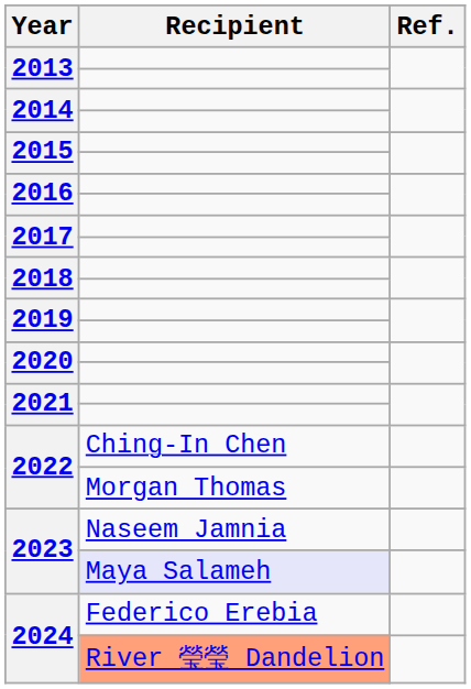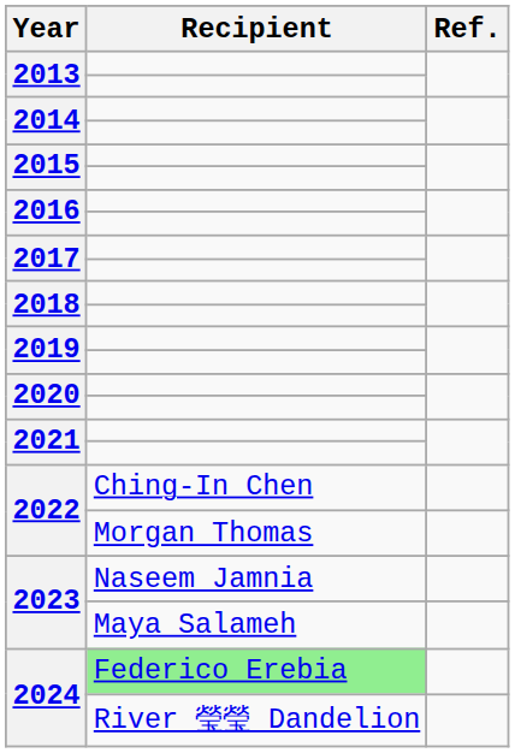 <table class="wikitable sortable">
 <tr>
 <th>Year</th>
 <th>Recipient</th>
 <th>Ref.</th>
 </tr>
 <tr>
 <th rowspan="2"><a href='#'>2013</a></th>
 <td></td>
 <td rowspan="2"></td>
 </tr>
 <tr>
 <td></td>
 </tr>
 <tr>
 <th rowspan="2"><a href='#'>2014</a></th>
 <td></td>
 <td rowspan="2"></td>
 </tr>
 <tr>
 <td></td>
 </tr>
 <tr>
 <th rowspan="2"><a href='#'>2015</a></th>
 <td></td>
 <td rowspan="2"></td>
 </tr>
 <tr>
 <td></td>
 </tr>
 <tr>
 <th rowspan="2"><a href='#'>2016</a></th>
 <td></td>
 <td rowspan="2"></td>
 </tr>
 <tr>
 <td></td>
 </tr>
 <tr>
 <th rowspan="2"><a href='#'>2017</a></th>
 <td></td>
 <td rowspan="2"></td>
 </tr>
 <tr>
 <td></td>
 </tr>
 <tr>
 <th rowspan="2"><a href='#'>2018</a></th>
 <td></td>
 <td rowspan="2"></td>
 </tr>
 <tr>
 <td></td>
 </tr>
 <tr>
 <th rowspan="2"><a href='#'>2019</a></th>
 <td></td>
 <td rowspan="2"></td>
 </tr>
 <tr>
 <td></td>
 </tr>
 <tr>
 <th rowspan="2"><a href='#'>2020</a></th>
 <td></td>
 <td rowspan="2"></td>
 </tr>
 <tr>
 <td></td>
 </tr>
 <tr>
 <th rowspan="2"><a href='#'>2021</a></th>
 <td></td>
 <td rowspan="2"></td>
 </tr>
 <tr>
 <td></td>
 </tr>
 <tr>
 <th rowspan="2"><a href='#'>2022</a></th>
 <td><a href='#'>Ching-In Chen</a></td>
 <td></td>
 </tr>
 <tr>
 <td><a href='#'>Morgan Thomas</a></td>
 <td></td>
 </tr>
 <tr>
 <th rowspan="2"><a href='#'>2023</a></th>
 <td><a href='#'>Naseem Jamnia</a></td>
 <td></td>
 </tr>
 <tr>
-<td style="background: lavender;"><a href='#'>Maya Salameh</a></td>
+<td><a href='#'>Maya Salameh</a></td>
 <td></td>
 </tr>
 <tr>
 <th rowspan="2"><a href='#'>2024</a></th>
-<td><a href='#'>Federico Erebia</a></td>
+<td style="background: lightgreen;"><a href='#'>Federico Erebia</a></td>
 <td></td>
 </tr>
 <tr>
-<td style="background: lightsalmon;"><a href='#'>River 瑩瑩 Dandelion</a></td>
+<td><a href='#'>River 瑩瑩 Dandelion</a></td>
 <td></td>
 </tr>
 </table>
